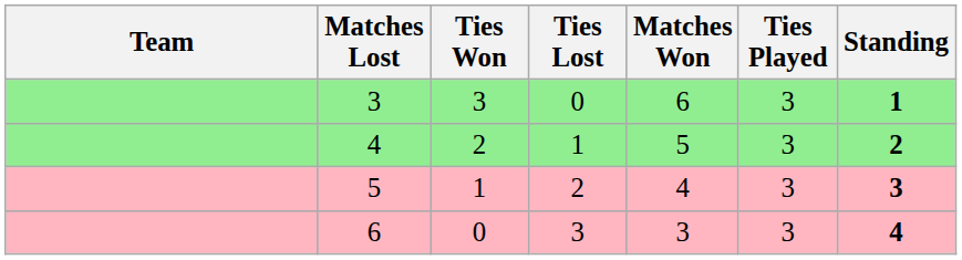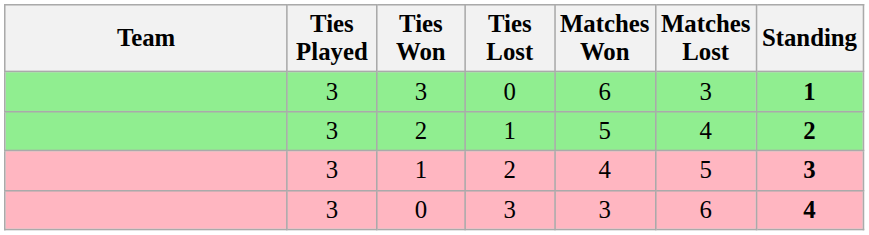 <table class=wikitable style="text-align:center">
 <tr>
 <th width=175>Team</th>
-<th width=50>Matches Lost</th>
+<th width=50>Ties Played</th>
 <th width=50>Ties Won</th>
 <th width=50>Ties Lost</th>
 <th width=50>Matches Won</th>
-<th width=50>Ties Played</th>
+<th width=50>Matches Lost</th>
 <th width=50>Standing</th>
 </tr>
 <tr bgcolor=lightgreen>
 <td style="text-align:left"></td>
 <td>3</td>
 <td>3</td>
 <td>0</td>
 <td>6</td>
 <td>3</td>
 <td><strong>1</strong></td>
 </tr>
 <tr bgcolor=lightgreen>
 <td style="text-align:left"></td>
-<td>4</td>
+<td>3</td>
 <td>2</td>
 <td>1</td>
 <td>5</td>
-<td>3</td>
+<td>4</td>
 <td><strong>2</strong></td>
 </tr>
 <tr bgcolor=lightpink>
 <td style="text-align:left"></td>
-<td>5</td>
+<td>3</td>
 <td>1</td>
 <td>2</td>
 <td>4</td>
-<td>3</td>
+<td>5</td>
 <td><strong>3</strong></td>
 </tr>
 <tr bgcolor=lightpink>
 <td style="text-align:left"></td>
-<td>6</td>
+<td>3</td>
 <td>0</td>
 <td>3</td>
 <td>3</td>
-<td>3</td>
+<td>6</td>
 <td><strong>4</strong></td>
 </tr>
 </table>
